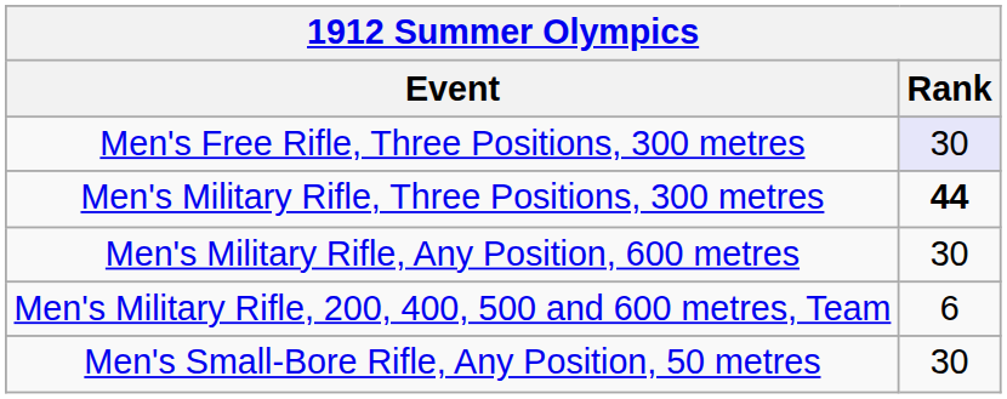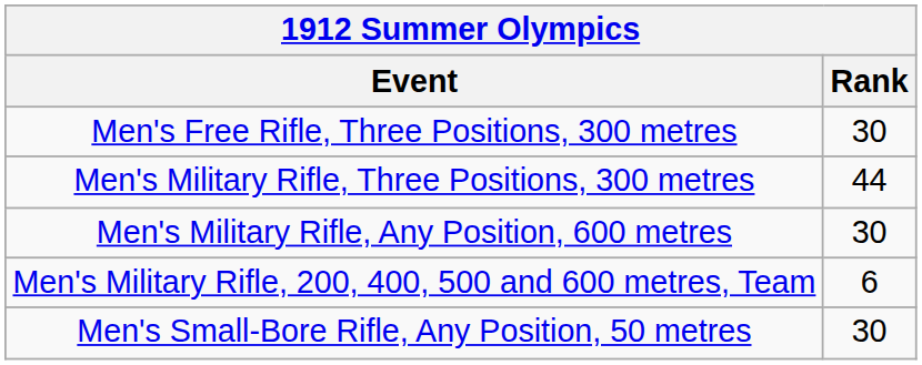 <table class=wikitable style="text-align:center">
 <tr>
 <th colspan=3><a href='#'>1912 Summer Olympics</a></th>
 </tr>
 <tr>
 <th>Event</th>
 <th>Rank</th>
 </tr>
 <tr>
 <td><a href='#'>Men's Free Rifle, Three Positions, 300 metres</a></td>
-<td style="background: lavender;">30</td>
+<td>30</td>
 </tr>
 <tr>
 <td><a href='#'>Men's Military Rifle, Three Positions, 300 metres</a></td>
-<td><strong>44</strong></td>
+<td>44</td>
 </tr>
 <tr>
 <td><a href='#'>Men's Military Rifle, Any Position, 600 metres</a></td>
 <td>30</td>
 </tr>
 <tr>
 <td><a href='#'>Men's Military Rifle, 200, 400, 500 and 600 metres, Team</a></td>
 <td>6</td>
 </tr>
 <tr>
 <td><a href='#'>Men's Small-Bore Rifle, Any Position, 50 metres</a></td>
 <td>30</td>
 </tr>
 </table>
